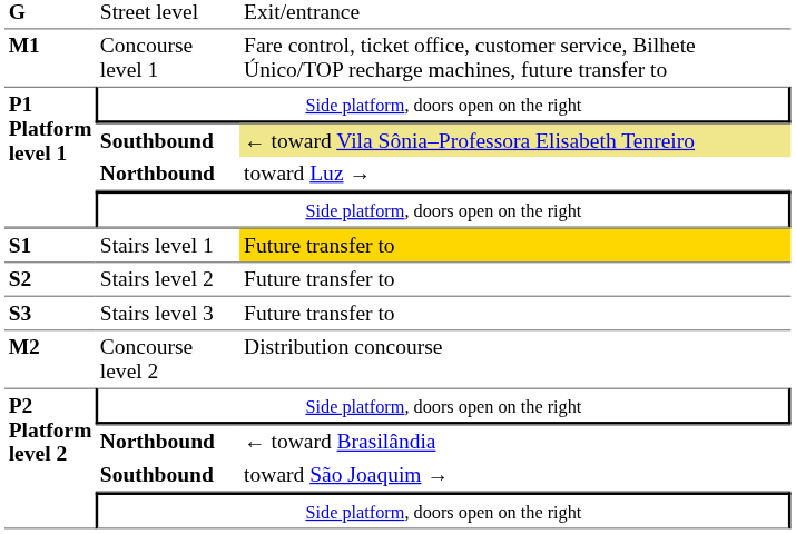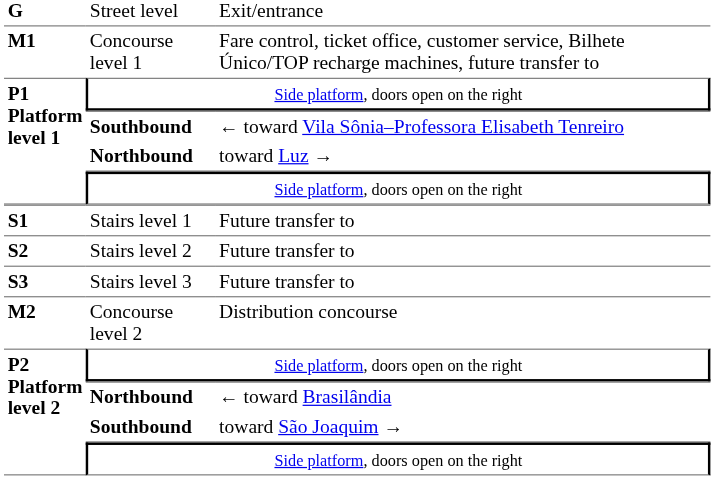 <table table border=0 cellspacing=0 cellpadding=3>
 <tr>
 <td style="vertical-align:top;" width=50><strong>G</strong></td>
 <td style="vertical-align:top;" width=100>Street level</td>
 <td style="vertical-align:top;" width=400>Exit/entrance</td>
 </tr>
 <tr>
 <td style="border-top:solid 1px gray;vertical-align:top;"><strong>M1</strong></td>
 <td style="border-top:solid 1px gray;vertical-align:top;">Concourse level 1</td>
 <td style="border-top:solid 1px gray;vertical-align:top;">Fare control, ticket office, customer service, Bilhete Único/TOP recharge machines, future transfer to </td>
 </tr>
 <tr>
 <td style="border-top:solid 1px gray;border-bottom:solid 1px gray;vertical-align:top;" rowspan=5><strong>P1<br>Platform level 1</strong></td>
 </tr>
 <tr>
 <td style="border-top:solid 1px gray;border-right:solid 2px black;border-left:solid 2px black;border-bottom:solid 2px black;text-align:center;" colspan=5><small><a href='#'>Side platform</a>, doors open on the right</small></td>
 </tr>
 <tr>
 <td style="border-top:solid 1px gray;"><span><strong>Southbound</strong></span></td>
-<td style="background: khaki; border-top:solid 1px gray;">←  toward <a href='#'>Vila Sônia–Professora Elisabeth Tenreiro</a></td>
+<td style="border-top:solid 1px gray;">←  toward <a href='#'>Vila Sônia–Professora Elisabeth Tenreiro</a></td>
 </tr>
 <tr>
 <td style="border-bottom:solid 1px gray;"><span><strong>Northbound</strong></span></td>
 <td style="border-bottom:solid 1px gray;"> toward <a href='#'>Luz</a> →</td>
 </tr>
 <tr>
 <td style="border-top:solid 2px black;border-right:solid 2px black;border-left:solid 2px black;border-bottom:solid 1px gray;text-align:center;" colspan=5><small><a href='#'>Side platform</a>, doors open on the right</small></td>
 </tr>
 <tr>
 <td style="border-top:solid 1px gray;vertical-align:top;"><strong>S1</strong></td>
 <td style="border-top:solid 1px gray;vertical-align:top;">Stairs level 1</td>
-<td style="background: gold; border-top:solid 1px gray;vertical-align:top;">Future transfer to </td>
+<td style="border-top:solid 1px gray;vertical-align:top;">Future transfer to </td>
 </tr>
 <tr>
 <td style="border-top:solid 1px gray;vertical-align:top;"><strong>S2</strong></td>
 <td style="border-top:solid 1px gray;vertical-align:top;">Stairs level 2</td>
 <td style="border-top:solid 1px gray;vertical-align:top;">Future transfer to </td>
 </tr>
 <tr>
 <td style="border-top:solid 1px gray;vertical-align:top;"><strong>S3</strong></td>
 <td style="border-top:solid 1px gray;vertical-align:top;">Stairs level 3</td>
 <td style="border-top:solid 1px gray;vertical-align:top;">Future transfer to </td>
 </tr>
 <tr>
 <td style="border-top:solid 1px gray;vertical-align:top;"><strong>M2</strong></td>
 <td style="border-top:solid 1px gray;vertical-align:top;">Concourse level 2</td>
 <td style="border-top:solid 1px gray;vertical-align:top;">Distribution concourse</td>
 </tr>
 <tr>
 <td style="border-top:solid 1px gray;border-bottom:solid 1px gray;vertical-align:top;" rowspan=5><strong>P2<br>Platform level 2</strong></td>
 </tr>
 <tr>
 <td style="border-top:solid 1px gray;border-right:solid 2px black;border-left:solid 2px black;border-bottom:solid 2px black;text-align:center;" colspan=5><small><a href='#'>Side platform</a>, doors open on the right</small></td>
 </tr>
 <tr>
 <td style="border-top:solid 1px gray;"><span><strong>Northbound</strong></span></td>
 <td style="border-top:solid 1px gray;">←  toward <a href='#'>Brasilândia</a></td>
 </tr>
 <tr>
 <td style="border-bottom:solid 1px gray;"><span><strong>Southbound</strong></span></td>
 <td style="border-bottom:solid 1px gray;"> toward <a href='#'>São Joaquim</a> →</td>
 </tr>
 <tr>
 <td style="border-top:solid 2px black;border-right:solid 2px black;border-left:solid 2px black;border-bottom:solid 1px gray;text-align:center;" colspan=5><small><a href='#'>Side platform</a>, doors open on the right</small></td>
 </tr>
 </table>
